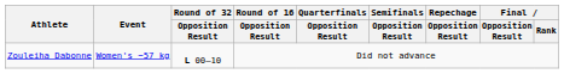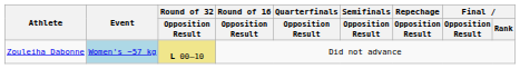 <table class="wikitable" style="font-size:90%">
 <tr>
 <th rowspan="2">Athlete</th>
 <th rowspan="2">Event</th>
 <th>Round of 32</th>
 <th>Round of 16</th>
 <th>Quarterfinals</th>
 <th>Semifinals</th>
 <th>Repechage</th>
 <th colspan=2>Final / </th>
 </tr>
 <tr style="font-size:95%">
 <th>Opposition<br>Result</th>
 <th>Opposition<br>Result</th>
 <th>Opposition<br>Result</th>
 <th>Opposition<br>Result</th>
 <th>Opposition<br>Result</th>
 <th>Opposition<br>Result</th>
 <th>Rank</th>
 </tr>
 <tr align=center>
 <td align=left><a href='#'>Zouleiha Dabonne</a></td>
-<td align=left><a href='#'>Women's −57 kg</a></td>
-<td><br><strong>L</strong> 00–10</td>
+<td align=left style="background: lightblue;"><a href='#'>Women's −57 kg</a></td>
+<td style="background: khaki;"><br><strong>L</strong> 00–10</td>
 <td colspan=6>Did not advance</td>
 </tr>
 </table>
